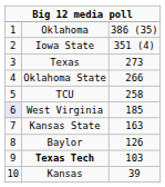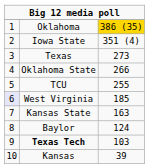 <table class="wikitable" style="display: inline-table;">
 <tr>
 <td align="center" Colspan="3"><strong>Big 12 media poll</strong></td>
 </tr>
 <tr align="center">
 </tr>
 <tr align="center">
 <td>1</td>
 <td>Oklahoma</td>
-<td>386 (35)</td>
+<td style="background: gold;">386 (35)</td>
 </tr>
 <tr align="center">
 <td>2</td>
 <td>Iowa State</td>
 <td>351 (4)</td>
 </tr>
 <tr align="center">
 <td>3</td>
 <td>Texas</td>
 <td>273</td>
 </tr>
 <tr align="center">
 <td>4</td>
 <td>Oklahoma State</td>
 <td>266</td>
 </tr>
 <tr align="center">
 <td>5</td>
 <td>TCU</td>
-<td>258</td>
+<td>255</td>
 </tr>
 <tr align="center">
 <td style="background: lavender;">6</td>
 <td>West Virginia</td>
 <td>185</td>
 </tr>
 <tr align="center">
 <td>7</td>
 <td>Kansas State</td>
 <td>163</td>
 </tr>
 <tr align="center">
 <td>8</td>
 <td>Baylor</td>
-<td>126</td>
+<td>124</td>
 </tr>
 <tr align="center">
 <td>9</td>
 <td><strong>Texas Tech</strong></td>
 <td>103</td>
 </tr>
 <tr align="center">
 <td>10</td>
 <td>Kansas</td>
 <td>39</td>
 </tr>
 </table>
